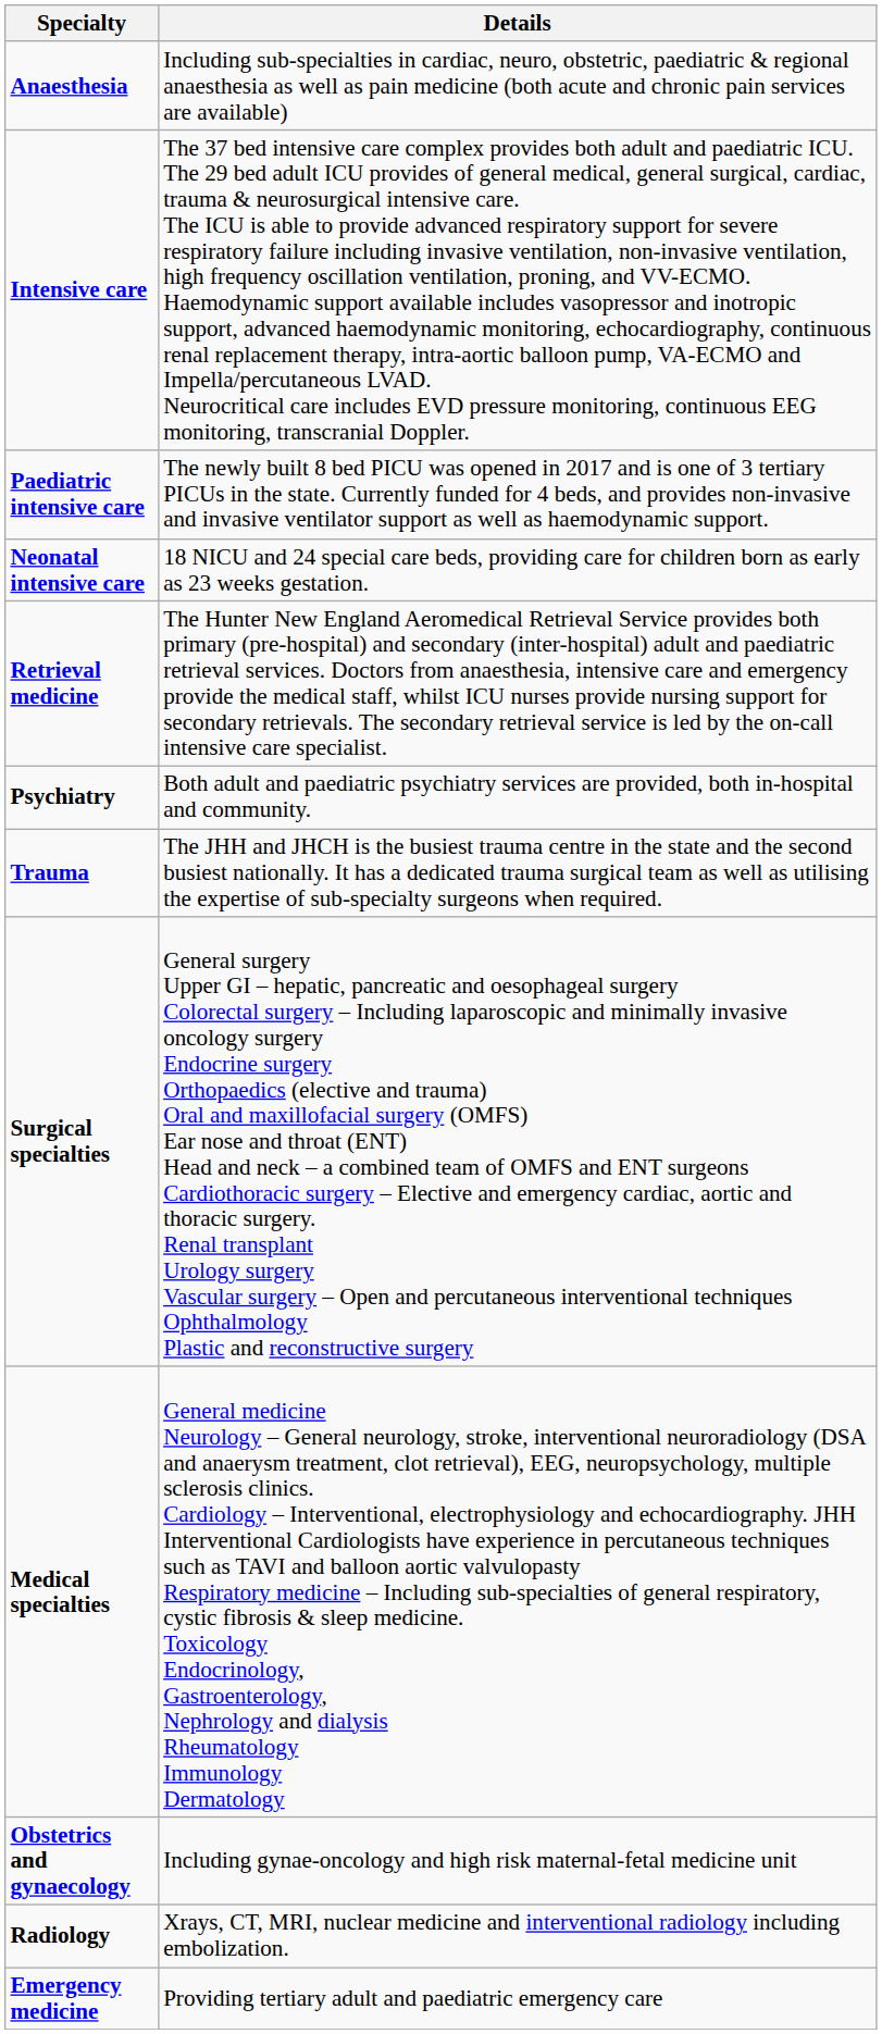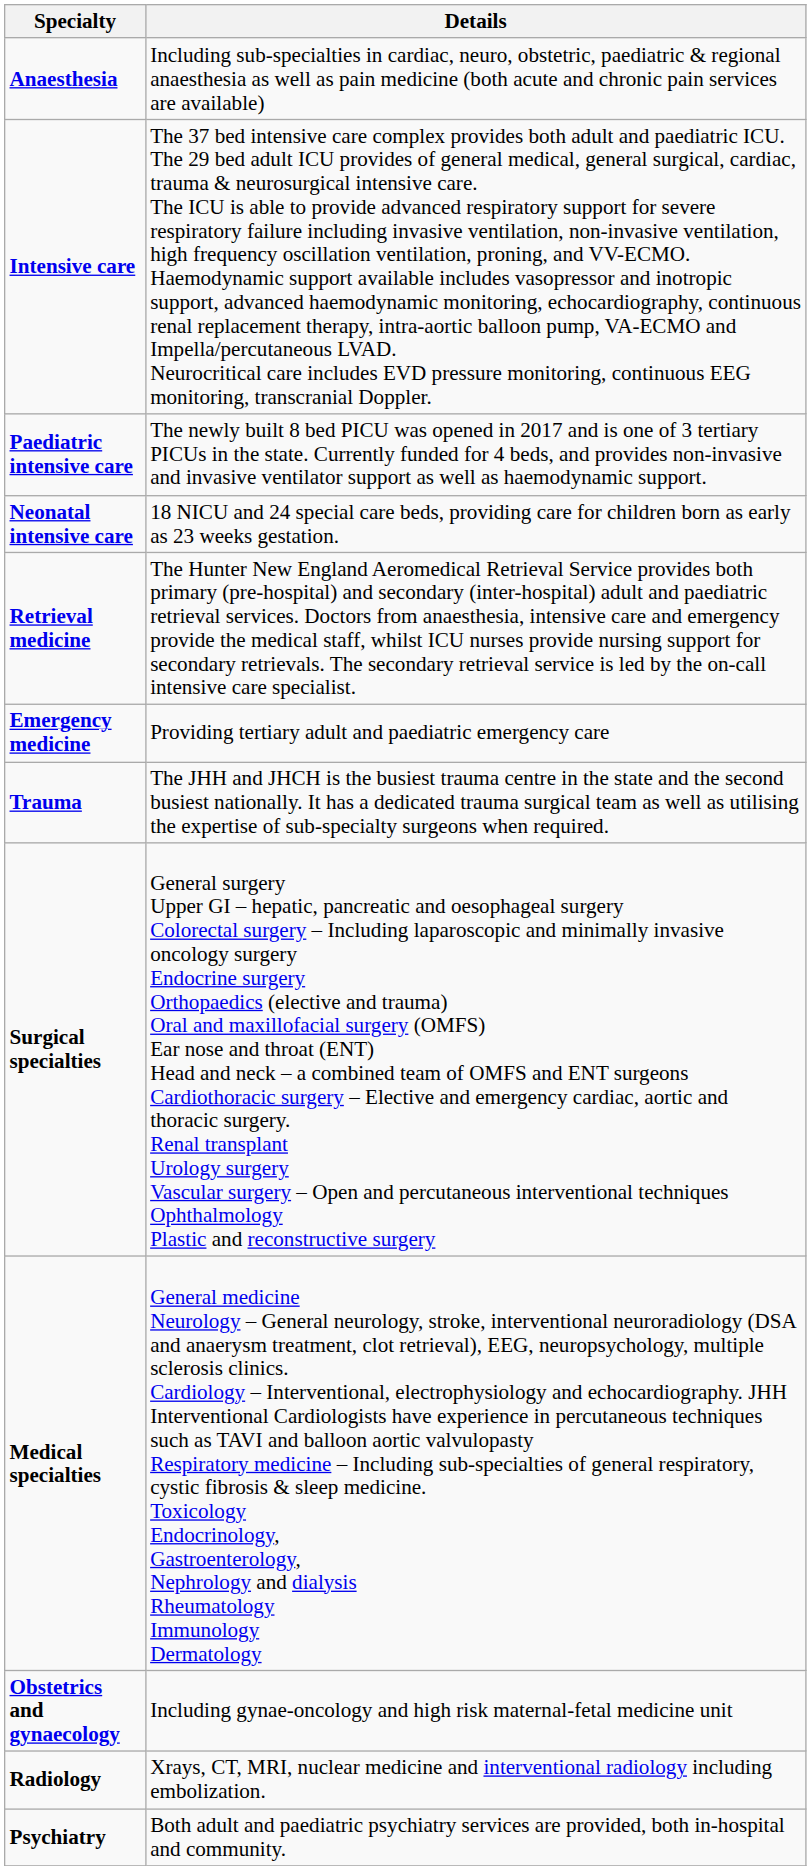 <table class="wikitable">
 <tr>
 <th>Specialty</th>
 <th>Details</th>
 </tr>
 <tr>
 <td><strong><a href='#'>Anaesthesia</a></strong></td>
 <td>Including sub-specialties in cardiac, neuro, obstetric, paediatric & regional anaesthesia as well as pain medicine (both acute and chronic pain services are available)</td>
 </tr>
 <tr>
 <td><strong><a href='#'>Intensive care</a></strong></td>
 <td>The 37 bed intensive care complex provides both adult and paediatric ICU. The 29 bed adult ICU provides of general medical, general surgical, cardiac, trauma & neurosurgical intensive care.<br>The ICU is able to provide advanced respiratory support for severe respiratory failure including invasive ventilation, non-invasive ventilation, high frequency oscillation ventilation, proning, and VV-ECMO.<br>Haemodynamic support available includes vasopressor and inotropic support, advanced haemodynamic monitoring, echocardiography, continuous renal replacement therapy, intra-aortic balloon pump, VA-ECMO and Impella/percutaneous LVAD.<br>Neurocritical care includes EVD pressure monitoring, continuous EEG monitoring, transcranial Doppler.</td>
 </tr>
 <tr>
 <td><strong><a href='#'>Paediatric intensive care</a></strong></td>
 <td>The newly built 8 bed PICU was opened in 2017 and is one of 3 tertiary PICUs in the state. Currently funded for 4 beds, and provides non-invasive and invasive ventilator support as well as haemodynamic support.</td>
 </tr>
 <tr>
 <td><strong><a href='#'>Neonatal intensive care</a></strong></td>
 <td>18 NICU and 24 special care beds, providing care for children born as early as 23 weeks gestation.</td>
 </tr>
 <tr>
 <td><strong><a href='#'>Retrieval medicine</a></strong></td>
 <td>The Hunter New England Aeromedical Retrieval Service provides both primary (pre-hospital) and secondary (inter-hospital) adult and paediatric retrieval services. Doctors from anaesthesia, intensive care and emergency provide the medical staff, whilst ICU nurses provide nursing support for secondary retrievals. The secondary retrieval service is led by the on-call intensive care specialist.</td>
 </tr>
 <tr>
-<td><strong>Psychiatry</strong></td>
-<td>Both adult and paediatric psychiatry services are provided, both in-hospital and community.</td>
+<td><strong><a href='#'>Emergency medicine</a></strong></td>
+<td>Providing tertiary adult and paediatric emergency care</td>
 </tr>
 <tr>
 <td><strong><a href='#'>Trauma</a></strong></td>
 <td>The JHH and JHCH is the busiest trauma centre in the state and the second busiest nationally. It has a dedicated trauma surgical team as well as utilising the expertise of sub-specialty surgeons when required.</td>
 </tr>
 <tr>
 <td><strong>Surgical specialties</strong></td>
 <td><br>General surgery <br> Upper GI – hepatic, pancreatic and oesophageal surgery<br> <a href='#'>Colorectal surgery</a> –  Including laparoscopic and minimally invasive oncology surgery<br> <a href='#'>Endocrine surgery</a><br> <a href='#'>Orthopaedics</a> (elective and trauma)<br> <a href='#'>Oral and maxillofacial surgery</a> (OMFS)<br> Ear nose and throat (ENT) <br> Head and neck  – a combined team of OMFS and ENT surgeons <br> <a href='#'>Cardiothoracic surgery</a> – Elective and emergency cardiac, aortic and thoracic surgery.<br> <a href='#'>Renal transplant</a><br> <a href='#'>Urology surgery</a><br> <a href='#'>Vascular surgery</a> – Open and percutaneous interventional techniques<br> <a href='#'>Ophthalmology</a><br> <a href='#'>Plastic</a> and <a href='#'>reconstructive surgery</a><br></td>
 </tr>
 <tr>
 <td><strong>Medical specialties</strong></td>
 <td><br><a href='#'>General medicine</a><br> <a href='#'>Neurology</a> – General neurology, stroke, interventional neuroradiology (DSA and anaerysm treatment, clot retrieval), EEG, neuropsychology, multiple sclerosis clinics.<br> <a href='#'>Cardiology</a> – Interventional, electrophysiology and echocardiography. JHH Interventional Cardiologists have experience in percutaneous techniques such as TAVI and balloon aortic valvulopasty <br> <a href='#'>Respiratory medicine</a> – Including sub-specialties of general respiratory, cystic fibrosis & sleep medicine.<br> <a href='#'>Toxicology</a><br> <a href='#'>Endocrinology</a>, <br> <a href='#'>Gastroenterology</a>,<br> <a href='#'>Nephrology</a> and <a href='#'>dialysis</a> <br> <a href='#'>Rheumatology</a><br> <a href='#'>Immunology</a><br> <a href='#'>Dermatology</a><br></td>
 </tr>
 <tr>
 <td><strong><a href='#'>Obstetrics</a> and <a href='#'>gynaecology</a></strong></td>
 <td>Including gynae-oncology and high risk maternal-fetal medicine unit</td>
 </tr>
 <tr>
 <td><strong>Radiology</strong></td>
 <td>Xrays, CT, MRI, nuclear medicine and <a href='#'>interventional radiology</a> including embolization.</td>
 </tr>
 <tr>
-<td><strong><a href='#'>Emergency medicine</a></strong></td>
-<td>Providing tertiary adult and paediatric emergency care</td>
+<td><strong>Psychiatry</strong></td>
+<td>Both adult and paediatric psychiatry services are provided, both in-hospital and community.</td>
 </tr>
 </table>
